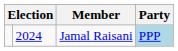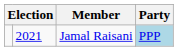 <table class="wikitable">
 <tr>
 <th colspan="2">Election</th>
 <th>Member</th>
 <th>Party</th>
 </tr>
 <tr>
 <td style="background-color: "></td>
-<td><a href='#'>2024</a></td>
+<td><a href='#'>2021</a></td>
 <td><a href='#'>Jamal Raisani</a></td>
 <td style="background: lightblue;"><a href='#'>PPP</a></td>
 </tr>
 </table>
